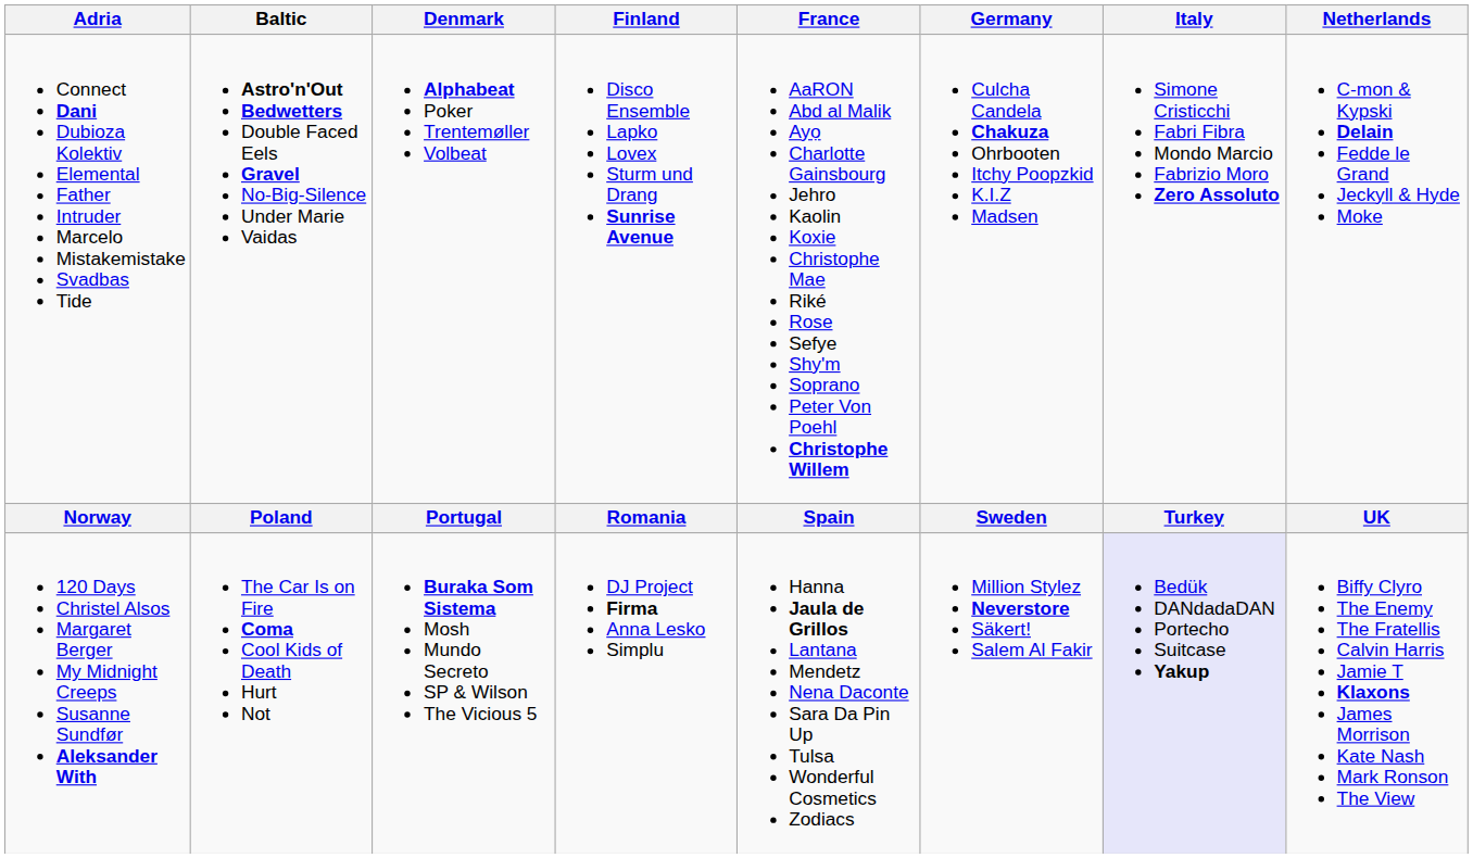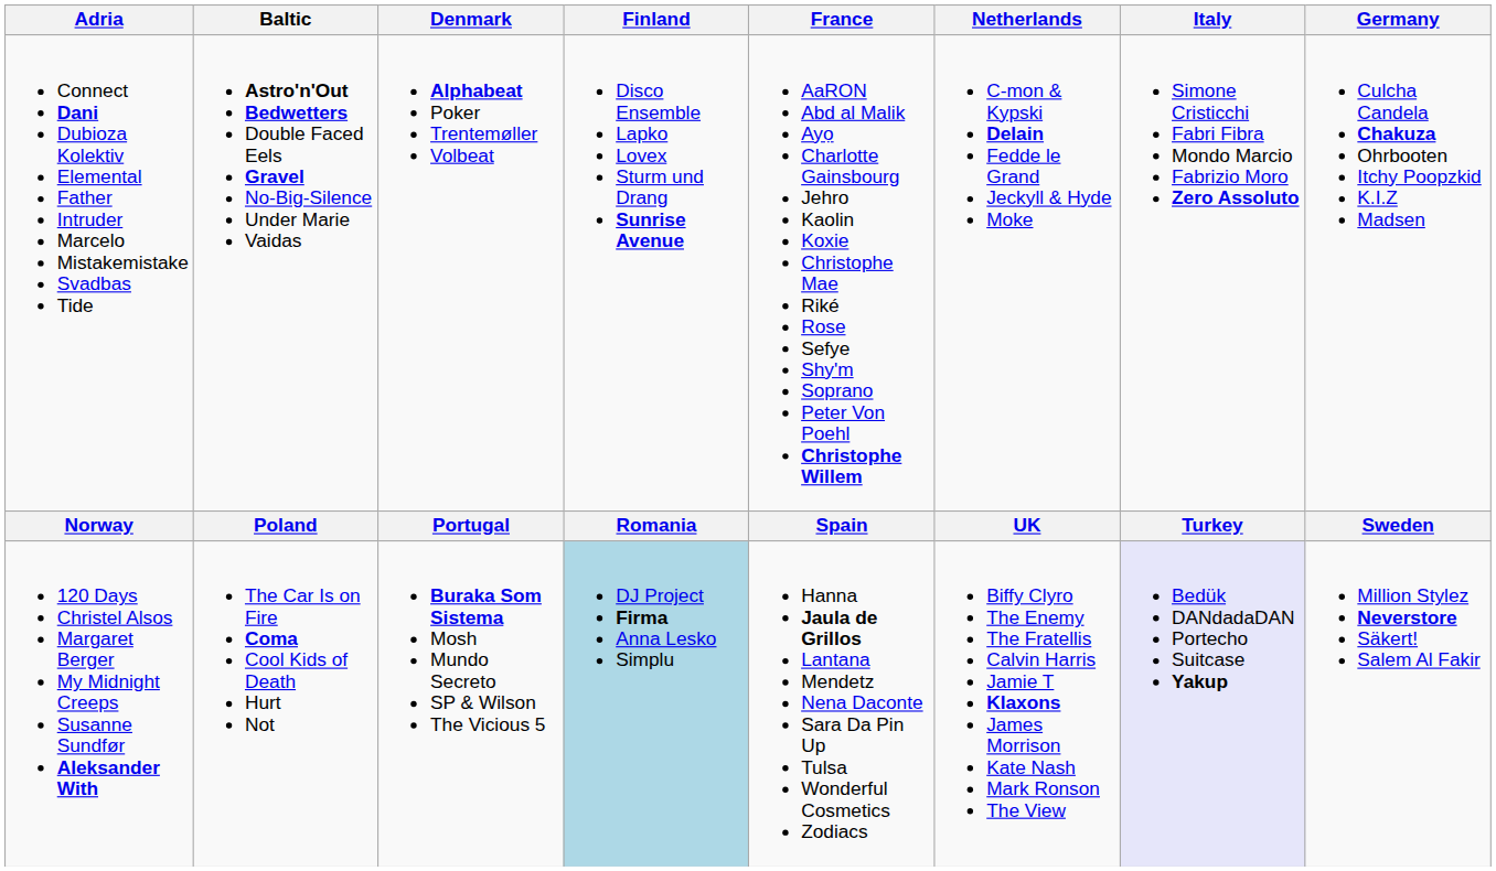 <table class="wikitable" border="1">
 <tr>
 <th width=12.5%><a href='#'>Adria</a></th>
 <th width=12.5%>Baltic</th>
 <th width=12.5%><a href='#'>Denmark</a></th>
 <th width=12.5%><a href='#'>Finland</a></th>
 <th width=12.5%><a href='#'>France</a></th>
+<th width=12.5%><a href='#'>Netherlands</a></th>
+<th width=12.5%><a href='#'>Italy</a></th>
 <th width=12.5%><a href='#'>Germany</a></th>
-<th width=12.5%><a href='#'>Italy</a></th>
-<th width=12.5%><a href='#'>Netherlands</a></th>
 </tr>
 <tr>
 <td valign="top"><br><ul><li>Connect</li><li><strong><a href='#'>Dani</a></strong></li><li><a href='#'>Dubioza Kolektiv</a></li><li><a href='#'>Elemental</a></li><li><a href='#'>Father</a></li><li><a href='#'>Intruder</a></li><li>Marcelo</li><li>Mistakemistake</li><li><a href='#'>Svadbas</a></li><li>Tide</li></ul></td>
 <td valign="top"><br><ul><li><strong>Astro'n'Out</strong></li><li><strong><a href='#'>Bedwetters</a></strong></li><li>Double Faced Eels</li><li><strong><a href='#'>Gravel</a></strong></li><li><a href='#'>No-Big-Silence</a></li><li>Under Marie</li><li>Vaidas</li></ul></td>
 <td valign="top"><br><ul><li><strong><a href='#'>Alphabeat</a></strong></li><li>Poker</li><li><a href='#'>Trentemøller</a></li><li><a href='#'>Volbeat</a></li></ul></td>
 <td valign="top"><br><ul><li><a href='#'>Disco Ensemble</a></li><li><a href='#'>Lapko</a></li><li><a href='#'>Lovex</a></li><li><a href='#'>Sturm und Drang</a></li><li><strong><a href='#'>Sunrise Avenue</a></strong></li></ul></td>
 <td valign="top"><br><ul><li><a href='#'>AaRON</a></li><li><a href='#'>Abd al Malik</a></li><li><a href='#'>Ayọ</a></li><li><a href='#'>Charlotte Gainsbourg</a></li><li>Jehro</li><li>Kaolin</li><li><a href='#'>Koxie</a></li><li><a href='#'>Christophe Mae</a></li><li>Riké</li><li><a href='#'>Rose</a></li><li>Sefye</li><li><a href='#'>Shy'm</a></li><li><a href='#'>Soprano</a></li><li><a href='#'>Peter Von Poehl</a></li><li><strong><a href='#'>Christophe Willem</a></strong></li></ul></td>
+<td valign="top"><br><ul><li><a href='#'>C-mon & Kypski</a></li><li><strong><a href='#'>Delain</a></strong></li><li><a href='#'>Fedde le Grand</a></li><li><a href='#'>Jeckyll & Hyde</a></li><li><a href='#'>Moke</a></li></ul></td>
+<td valign="top"><br><ul><li><a href='#'>Simone Cristicchi</a></li><li><a href='#'>Fabri Fibra</a></li><li>Mondo Marcio</li><li><a href='#'>Fabrizio Moro</a></li><li><strong><a href='#'>Zero Assoluto</a></strong></li></ul></td>
 <td valign="top"><br><ul><li><a href='#'>Culcha Candela</a></li><li><strong><a href='#'>Chakuza</a></strong></li><li>Ohrbooten</li><li><a href='#'>Itchy Poopzkid</a></li><li><a href='#'>K.I.Z</a></li><li><a href='#'>Madsen</a></li></ul></td>
-<td valign="top"><br><ul><li><a href='#'>Simone Cristicchi</a></li><li><a href='#'>Fabri Fibra</a></li><li>Mondo Marcio</li><li><a href='#'>Fabrizio Moro</a></li><li><strong><a href='#'>Zero Assoluto</a></strong></li></ul></td>
-<td valign="top"><br><ul><li><a href='#'>C-mon & Kypski</a></li><li><strong><a href='#'>Delain</a></strong></li><li><a href='#'>Fedde le Grand</a></li><li><a href='#'>Jeckyll & Hyde</a></li><li><a href='#'>Moke</a></li></ul></td>
 </tr>
 <tr>
 <th width=12.5%><a href='#'>Norway</a></th>
 <th width=12.5%><a href='#'>Poland</a></th>
 <th width=12.5%><a href='#'>Portugal</a></th>
 <th width=12.5%><a href='#'>Romania</a></th>
 <th width=12.5%><a href='#'>Spain</a></th>
+<th width=12.5%><a href='#'>UK</a></th>
+<th width=12.5%><a href='#'>Turkey</a></th>
 <th width=12.5%><a href='#'>Sweden</a></th>
-<th width=12.5%><a href='#'>Turkey</a></th>
-<th width=12.5%><a href='#'>UK</a></th>
 </tr>
 <tr>
 <td valign="top"><br><ul><li><a href='#'>120 Days</a></li><li><a href='#'>Christel Alsos</a></li><li><a href='#'>Margaret Berger</a></li><li><a href='#'>My Midnight Creeps</a></li><li><a href='#'>Susanne Sundfør</a></li><li><strong><a href='#'>Aleksander With</a></strong></li></ul></td>
 <td valign="top"><br><ul><li><a href='#'>The Car Is on Fire</a></li><li><strong><a href='#'>Coma</a></strong></li><li><a href='#'>Cool Kids of Death</a></li><li>Hurt</li><li>Not</li></ul></td>
 <td valign="top"><br><ul><li><strong><a href='#'>Buraka Som Sistema</a></strong></li><li>Mosh</li><li>Mundo Secreto</li><li>SP & Wilson</li><li>The Vicious 5</li></ul></td>
-<td valign="top"><br><ul><li><a href='#'>DJ Project</a></li><li><strong>Firma</strong></li><li><a href='#'>Anna Lesko</a></li><li>Simplu</li></ul></td>
+<td valign="top" style="background: lightblue;"><br><ul><li><a href='#'>DJ Project</a></li><li><strong>Firma</strong></li><li><a href='#'>Anna Lesko</a></li><li>Simplu</li></ul></td>
 <td valign="top"><br><ul><li>Hanna</li><li><strong>Jaula de Grillos</strong></li><li><a href='#'>Lantana</a></li><li>Mendetz</li><li><a href='#'>Nena Daconte</a></li><li>Sara Da Pin Up</li><li>Tulsa</li><li>Wonderful Cosmetics</li><li>Zodiacs</li></ul></td>
+<td valign="top"><br><ul><li><a href='#'>Biffy Clyro</a></li><li><a href='#'>The Enemy</a></li><li><a href='#'>The Fratellis</a></li><li><a href='#'>Calvin Harris</a></li><li><a href='#'>Jamie T</a></li><li><strong><a href='#'>Klaxons</a></strong></li><li><a href='#'>James Morrison</a></li><li><a href='#'>Kate Nash</a></li><li><a href='#'>Mark Ronson</a></li><li><a href='#'>The View</a></li></ul></td>
+<td valign="top" style="background: lavender;"><br><ul><li><a href='#'>Bedük</a></li><li>DANdadaDAN</li><li>Portecho</li><li>Suitcase</li><li><strong>Yakup</strong></li></ul></td>
 <td valign="top"><br><ul><li><a href='#'>Million Stylez</a></li><li><strong><a href='#'>Neverstore</a></strong></li><li><a href='#'>Säkert!</a></li><li><a href='#'>Salem Al Fakir</a></li></ul></td>
-<td valign="top" style="background: lavender;"><br><ul><li><a href='#'>Bedük</a></li><li>DANdadaDAN</li><li>Portecho</li><li>Suitcase</li><li><strong>Yakup</strong></li></ul></td>
-<td valign="top"><br><ul><li><a href='#'>Biffy Clyro</a></li><li><a href='#'>The Enemy</a></li><li><a href='#'>The Fratellis</a></li><li><a href='#'>Calvin Harris</a></li><li><a href='#'>Jamie T</a></li><li><strong><a href='#'>Klaxons</a></strong></li><li><a href='#'>James Morrison</a></li><li><a href='#'>Kate Nash</a></li><li><a href='#'>Mark Ronson</a></li><li><a href='#'>The View</a></li></ul></td>
 </tr>
 </table>
